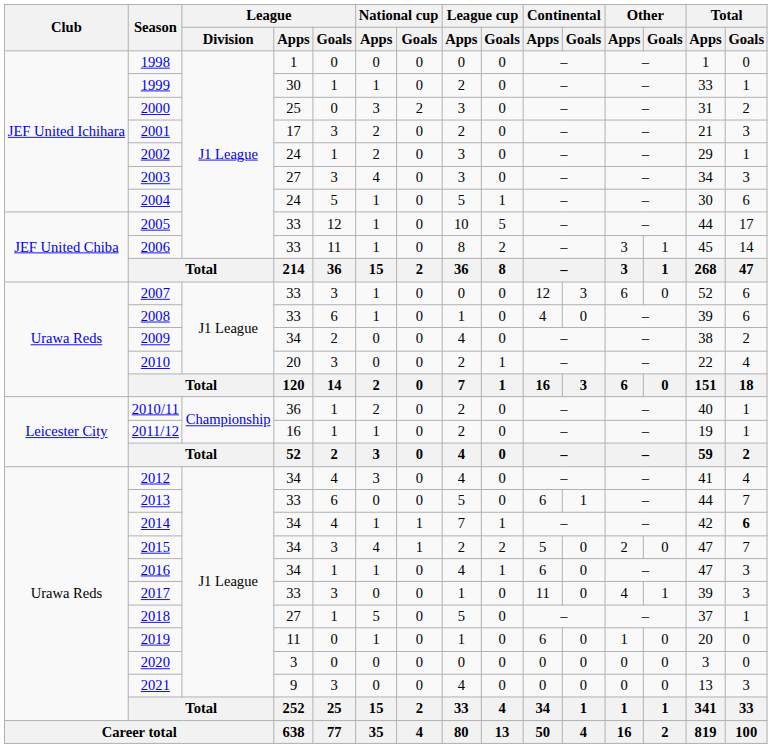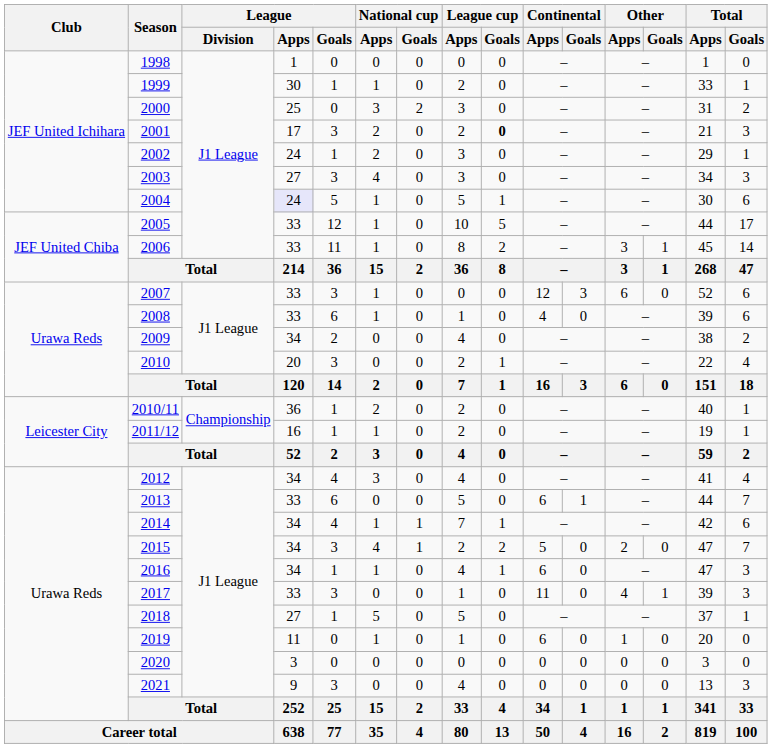 <table class="wikitable" style="text-align:center">
 <tr>
 <th rowspan="2">Club</th>
 <th rowspan="2">Season</th>
 <th colspan="3">League</th>
 <th colspan="2">National cup</th>
 <th colspan="2">League cup</th>
 <th colspan="2">Continental</th>
 <th colspan="2">Other</th>
 <th colspan="2">Total</th>
 </tr>
 <tr>
 <th>Division</th>
 <th>Apps</th>
 <th>Goals</th>
 <th>Apps</th>
 <th>Goals</th>
 <th>Apps</th>
 <th>Goals</th>
 <th>Apps</th>
 <th>Goals</th>
 <th>Apps</th>
 <th>Goals</th>
 <th>Apps</th>
 <th>Goals</th>
 </tr>
 <tr>
 <td rowspan="7"><a href='#'>JEF United Ichihara</a></td>
 <td><a href='#'>1998</a></td>
 <td rowspan="9"><a href='#'>J1 League</a></td>
 <td>1</td>
 <td>0</td>
 <td>0</td>
 <td>0</td>
 <td>0</td>
 <td>0</td>
 <td colspan="2">–</td>
 <td colspan="2">–</td>
 <td>1</td>
 <td>0</td>
 </tr>
 <tr>
 <td><a href='#'>1999</a></td>
 <td>30</td>
 <td>1</td>
 <td>1</td>
 <td>0</td>
 <td>2</td>
 <td>0</td>
 <td colspan="2">–</td>
 <td colspan="2">–</td>
 <td>33</td>
 <td>1</td>
 </tr>
 <tr>
 <td><a href='#'>2000</a></td>
 <td>25</td>
 <td>0</td>
 <td>3</td>
 <td>2</td>
 <td>3</td>
 <td>0</td>
 <td colspan="2">–</td>
 <td colspan="2">–</td>
 <td>31</td>
 <td>2</td>
 </tr>
 <tr>
 <td><a href='#'>2001</a></td>
 <td>17</td>
 <td>3</td>
 <td>2</td>
 <td>0</td>
 <td>2</td>
-<td>0</td>
+<td><strong>0</strong></td>
 <td colspan="2">–</td>
 <td colspan="2">–</td>
 <td>21</td>
 <td>3</td>
 </tr>
 <tr>
 <td><a href='#'>2002</a></td>
 <td>24</td>
 <td>1</td>
 <td>2</td>
 <td>0</td>
 <td>3</td>
 <td>0</td>
 <td colspan="2">–</td>
 <td colspan="2">–</td>
 <td>29</td>
 <td>1</td>
 </tr>
 <tr>
 <td><a href='#'>2003</a></td>
 <td>27</td>
 <td>3</td>
 <td>4</td>
 <td>0</td>
 <td>3</td>
 <td>0</td>
 <td colspan="2">–</td>
 <td colspan="2">–</td>
 <td>34</td>
 <td>3</td>
 </tr>
 <tr>
 <td><a href='#'>2004</a></td>
-<td>24</td>
+<td style="background: lavender;">24</td>
 <td>5</td>
 <td>1</td>
 <td>0</td>
 <td>5</td>
 <td>1</td>
 <td colspan="2">–</td>
 <td colspan="2">–</td>
 <td>30</td>
 <td>6</td>
 </tr>
 <tr>
 <td rowspan="3"><a href='#'>JEF United Chiba</a></td>
 <td><a href='#'>2005</a></td>
 <td>33</td>
 <td>12</td>
 <td>1</td>
 <td>0</td>
 <td>10</td>
 <td>5</td>
 <td colspan="2">–</td>
 <td colspan="2">–</td>
 <td>44</td>
 <td>17</td>
 </tr>
 <tr>
 <td><a href='#'>2006</a></td>
 <td>33</td>
 <td>11</td>
 <td>1</td>
 <td>0</td>
 <td>8</td>
 <td>2</td>
 <td colspan="2">–</td>
 <td>3</td>
 <td>1</td>
 <td>45</td>
 <td>14</td>
 </tr>
 <tr>
 <th colspan="2">Total</th>
 <th>214</th>
 <th>36</th>
 <th>15</th>
 <th>2</th>
 <th>36</th>
 <th>8</th>
 <th colspan="2">–</th>
 <th>3</th>
 <th>1</th>
 <th>268</th>
 <th>47</th>
 </tr>
 <tr>
 <td rowspan="5"><a href='#'>Urawa Reds</a></td>
 <td><a href='#'>2007</a></td>
 <td rowspan="4">J1 League</td>
 <td>33</td>
 <td>3</td>
 <td>1</td>
 <td>0</td>
 <td>0</td>
 <td>0</td>
 <td>12</td>
 <td>3</td>
 <td>6</td>
 <td>0</td>
 <td>52</td>
 <td>6</td>
 </tr>
 <tr>
 <td><a href='#'>2008</a></td>
 <td>33</td>
 <td>6</td>
 <td>1</td>
 <td>0</td>
 <td>1</td>
 <td>0</td>
 <td>4</td>
 <td>0</td>
 <td colspan="2">–</td>
 <td>39</td>
 <td>6</td>
 </tr>
 <tr>
 <td><a href='#'>2009</a></td>
 <td>34</td>
 <td>2</td>
 <td>0</td>
 <td>0</td>
 <td>4</td>
 <td>0</td>
 <td colspan="2">–</td>
 <td colspan="2">–</td>
 <td>38</td>
 <td>2</td>
 </tr>
 <tr>
 <td><a href='#'>2010</a></td>
 <td>20</td>
 <td>3</td>
 <td>0</td>
 <td>0</td>
 <td>2</td>
 <td>1</td>
 <td colspan="2">–</td>
 <td colspan="2">–</td>
 <td>22</td>
 <td>4</td>
 </tr>
 <tr>
 <th colspan="2">Total</th>
 <th>120</th>
 <th>14</th>
 <th>2</th>
 <th>0</th>
 <th>7</th>
 <th>1</th>
 <th>16</th>
 <th>3</th>
 <th>6</th>
 <th>0</th>
 <th>151</th>
 <th>18</th>
 </tr>
 <tr>
 <td rowspan="3"><a href='#'>Leicester City</a></td>
 <td><a href='#'>2010/11</a></td>
 <td rowspan="2"><a href='#'>Championship</a></td>
 <td>36</td>
 <td>1</td>
 <td>2</td>
 <td>0</td>
 <td>2</td>
 <td>0</td>
 <td colspan="2">–</td>
 <td colspan="2">–</td>
 <td>40</td>
 <td>1</td>
 </tr>
 <tr>
 <td><a href='#'>2011/12</a></td>
 <td>16</td>
 <td>1</td>
 <td>1</td>
 <td>0</td>
 <td>2</td>
 <td>0</td>
 <td colspan="2">–</td>
 <td colspan="2">–</td>
 <td>19</td>
 <td>1</td>
 </tr>
 <tr>
 <th colspan="2">Total</th>
 <th>52</th>
 <th>2</th>
 <th>3</th>
 <th>0</th>
 <th>4</th>
 <th>0</th>
 <th colspan="2">–</th>
 <th colspan="2">–</th>
 <th>59</th>
 <th>2</th>
 </tr>
 <tr>
 <td rowspan="11">Urawa Reds</td>
 <td><a href='#'>2012</a></td>
 <td rowspan="10">J1 League</td>
 <td>34</td>
 <td>4</td>
 <td>3</td>
 <td>0</td>
 <td>4</td>
 <td>0</td>
 <td colspan="2">–</td>
 <td colspan="2">–</td>
 <td>41</td>
 <td>4</td>
 </tr>
 <tr>
 <td><a href='#'>2013</a></td>
 <td>33</td>
 <td>6</td>
 <td>0</td>
 <td>0</td>
 <td>5</td>
 <td>0</td>
 <td>6</td>
 <td>1</td>
 <td colspan="2">–</td>
 <td>44</td>
 <td>7</td>
 </tr>
 <tr>
 <td><a href='#'>2014</a></td>
 <td>34</td>
 <td>4</td>
 <td>1</td>
 <td>1</td>
 <td>7</td>
 <td>1</td>
 <td colspan="2">–</td>
 <td colspan="2">–</td>
 <td>42</td>
-<td><strong>6</strong></td>
+<td>6</td>
 </tr>
 <tr>
 <td><a href='#'>2015</a></td>
 <td>34</td>
 <td>3</td>
 <td>4</td>
 <td>1</td>
 <td>2</td>
 <td>2</td>
 <td>5</td>
 <td>0</td>
 <td>2</td>
 <td>0</td>
 <td>47</td>
 <td>7</td>
 </tr>
 <tr>
 <td><a href='#'>2016</a></td>
 <td>34</td>
 <td>1</td>
 <td>1</td>
 <td>0</td>
 <td>4</td>
 <td>1</td>
 <td>6</td>
 <td>0</td>
 <td colspan="2">–</td>
 <td>47</td>
 <td>3</td>
 </tr>
 <tr>
 <td><a href='#'>2017</a></td>
 <td>33</td>
 <td>3</td>
 <td>0</td>
 <td>0</td>
 <td>1</td>
 <td>0</td>
 <td>11</td>
 <td>0</td>
 <td>4</td>
 <td>1</td>
 <td>39</td>
 <td>3</td>
 </tr>
 <tr>
 <td><a href='#'>2018</a></td>
 <td>27</td>
 <td>1</td>
 <td>5</td>
 <td>0</td>
 <td>5</td>
 <td>0</td>
 <td colspan="2">–</td>
 <td colspan="2">–</td>
 <td>37</td>
 <td>1</td>
 </tr>
 <tr>
 <td><a href='#'>2019</a></td>
 <td>11</td>
 <td>0</td>
 <td>1</td>
 <td>0</td>
 <td>1</td>
 <td>0</td>
 <td>6</td>
 <td>0</td>
 <td>1</td>
 <td>0</td>
 <td>20</td>
 <td>0</td>
 </tr>
 <tr>
 <td><a href='#'>2020</a></td>
 <td>3</td>
 <td>0</td>
 <td>0</td>
 <td>0</td>
 <td>0</td>
 <td>0</td>
 <td>0</td>
 <td>0</td>
 <td>0</td>
 <td>0</td>
 <td>3</td>
 <td>0</td>
 </tr>
 <tr>
 <td><a href='#'>2021</a></td>
 <td>9</td>
 <td>3</td>
 <td>0</td>
 <td>0</td>
 <td>4</td>
 <td>0</td>
 <td>0</td>
 <td>0</td>
 <td>0</td>
 <td>0</td>
 <td>13</td>
 <td>3</td>
 </tr>
 <tr>
 <th colspan="2">Total</th>
 <th>252</th>
 <th>25</th>
 <th>15</th>
 <th>2</th>
 <th>33</th>
 <th>4</th>
 <th>34</th>
 <th>1</th>
 <th>1</th>
 <th>1</th>
 <th>341</th>
 <th>33</th>
 </tr>
 <tr>
 <th colspan="3">Career total</th>
 <th>638</th>
 <th>77</th>
 <th>35</th>
 <th>4</th>
 <th>80</th>
 <th>13</th>
 <th>50</th>
 <th>4</th>
 <th>16</th>
 <th>2</th>
 <th>819</th>
 <th>100</th>
 </tr>
 </table>
